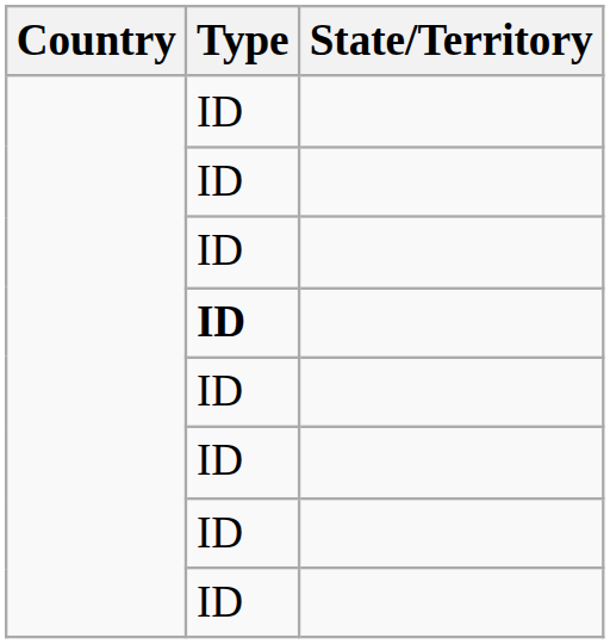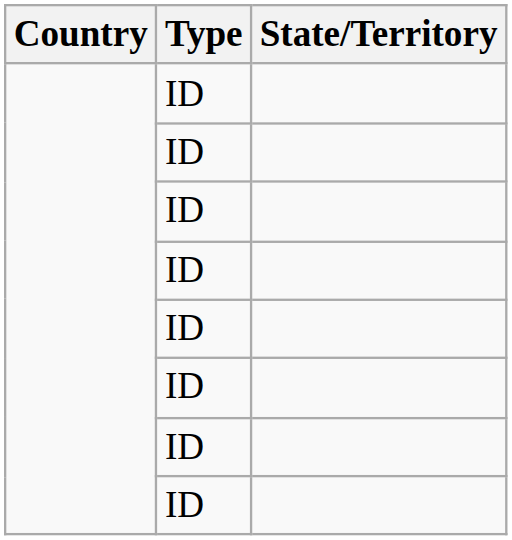 <table class="wikitable">
 <tr>
 <th>Country</th>
 <th>Type</th>
 <th>State/Territory</th>
 </tr>
 <tr>
 <td rowspan="8"></td>
 <td>ID</td>
 <td></td>
 </tr>
 <tr>
 <td>ID</td>
 <td></td>
 </tr>
 <tr>
 <td>ID</td>
 <td></td>
 </tr>
 <tr>
-<td><strong>ID</strong></td>
+<td>ID</td>
 <td></td>
 </tr>
 <tr>
 <td>ID</td>
 <td></td>
 </tr>
 <tr>
 <td>ID</td>
 <td></td>
 </tr>
 <tr>
 <td>ID</td>
 <td></td>
 </tr>
 <tr>
 <td>ID</td>
 <td></td>
 </tr>
 </table>
